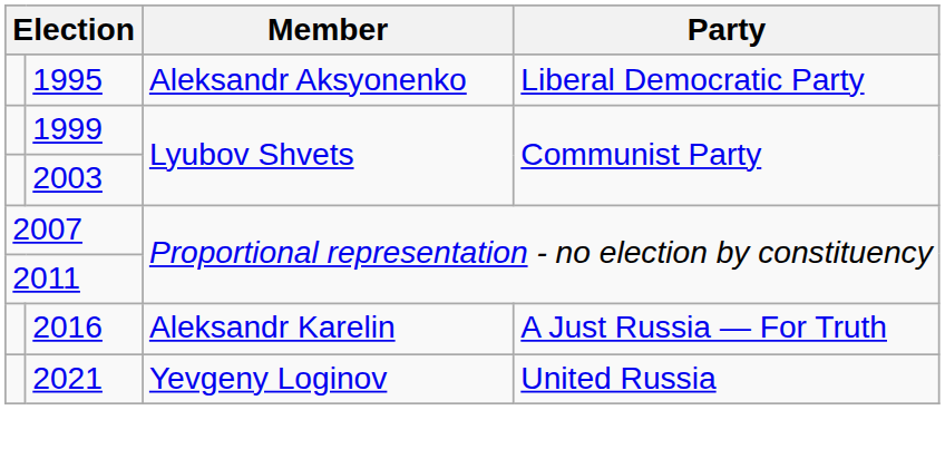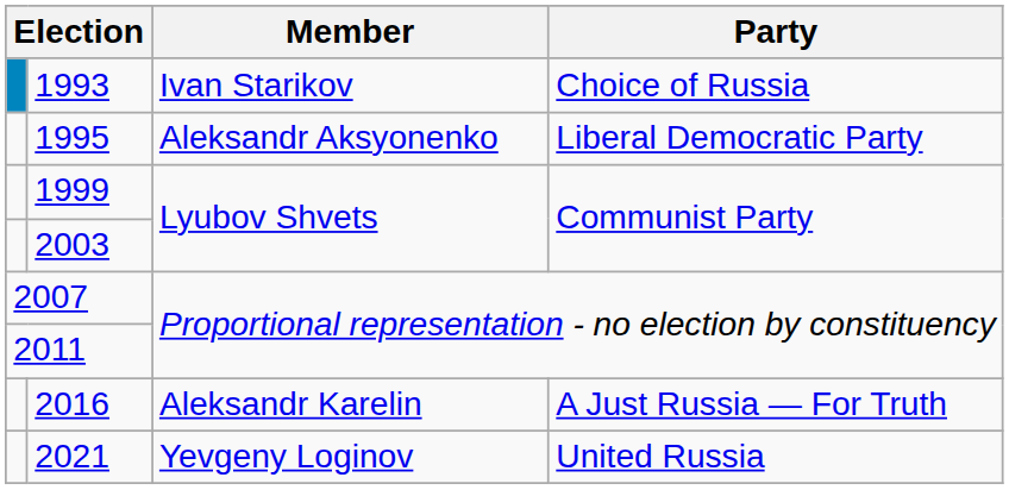 <table class="wikitable">
 <tr>
 <th colspan="2">Election</th>
 <th>Member</th>
 <th>Party</th>
+</tr>
+<tr>
+<td style="background-color:#0085BE"></td>
+<td><a href='#'>1993</a></td>
+<td><a href='#'>Ivan Starikov</a></td>
+<td><a href='#'>Choice of Russia</a></td>
 </tr>
 <tr>
 <td style="background-color:"></td>
 <td><a href='#'>1995</a></td>
 <td><a href='#'>Aleksandr Aksyonenko</a></td>
 <td><a href='#'>Liberal Democratic Party</a></td>
 </tr>
 <tr>
 <td style="background-color:"></td>
 <td><a href='#'>1999</a></td>
 <td rowspan=2><a href='#'>Lyubov Shvets</a></td>
 <td rowspan=2><a href='#'>Communist Party</a></td>
 </tr>
 <tr>
 <td style="background-color:"></td>
 <td><a href='#'>2003</a></td>
 </tr>
 <tr>
 <td colspan=2><a href='#'>2007</a></td>
 <td colspan=2 rowspan=2><em><a href='#'>Proportional representation</a> - no election by constituency</em></td>
 </tr>
 <tr>
 <td colspan=2><a href='#'>2011</a></td>
 </tr>
 <tr>
 <td style="background-color: "></td>
 <td><a href='#'>2016</a></td>
 <td><a href='#'>Aleksandr Karelin</a></td>
 <td><a href='#'>A Just Russia — For Truth</a></td>
 </tr>
 <tr>
 <td style="background-color:"></td>
 <td><a href='#'>2021</a></td>
 <td><a href='#'>Yevgeny Loginov</a></td>
 <td><a href='#'>United Russia</a></td>
 </tr>
 </table>
